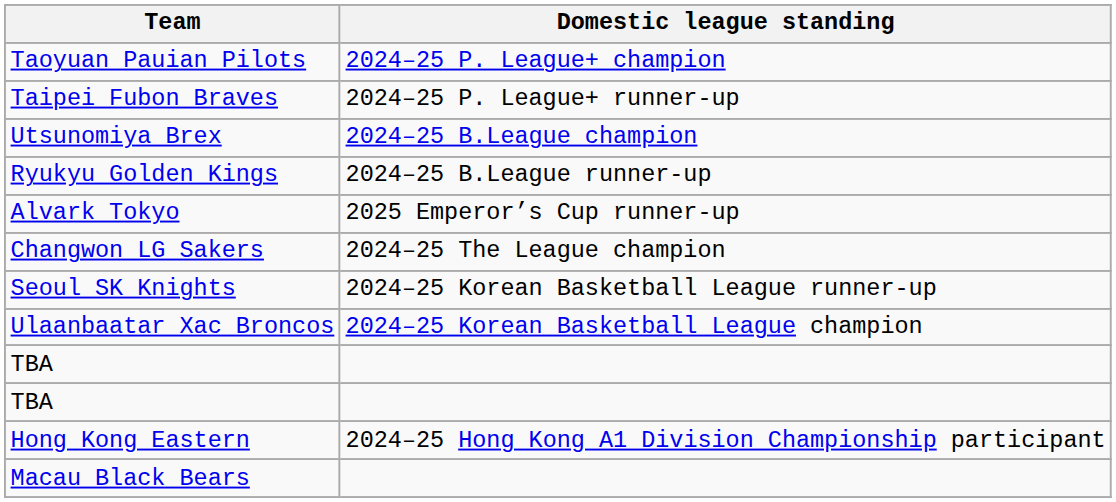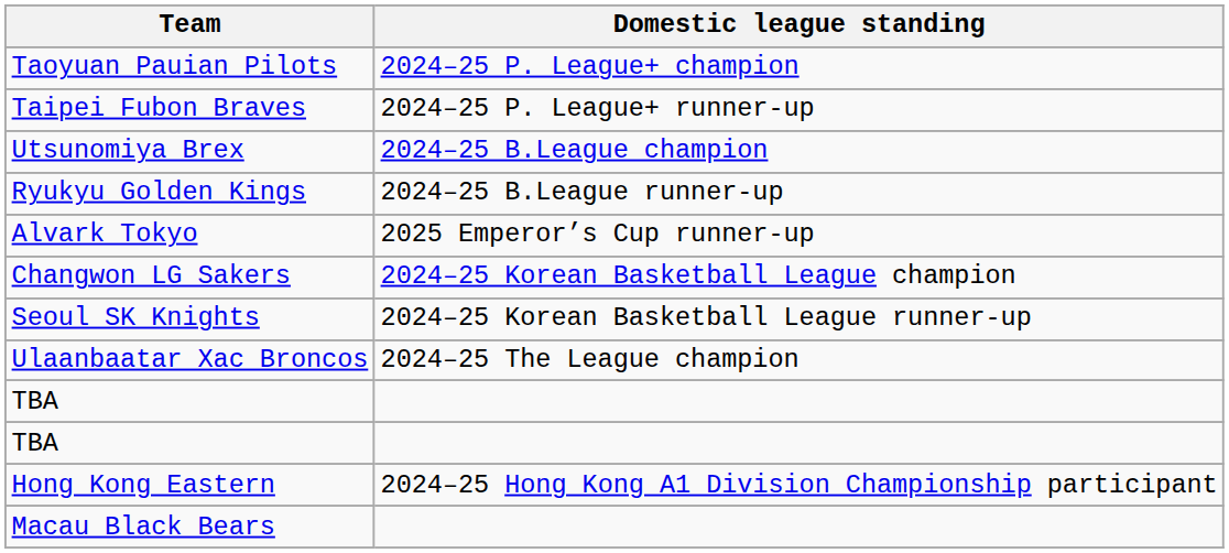 <table class="wikitable" style="font-size:95%;">
 <tr>
 <th>Team</th>
 <th>Domestic league standing</th>
 </tr>
 <tr>
 <td> <a href='#'>Taoyuan Pauian Pilots</a></td>
 <td><a href='#'>2024–25 P. League+ champion</a></td>
 </tr>
 <tr>
 <td> <a href='#'>Taipei Fubon Braves</a></td>
 <td>2024–25 P. League+ runner-up</td>
 </tr>
 <tr>
 <td> <a href='#'>Utsunomiya Brex</a></td>
 <td><a href='#'>2024–25 B.League champion</a></td>
 </tr>
 <tr>
 <td> <a href='#'>Ryukyu Golden Kings</a></td>
 <td>2024–25 B.League runner-up</td>
 </tr>
 <tr>
 <td> <a href='#'>Alvark Tokyo</a></td>
 <td>2025 Emperor’s Cup runner-up</td>
 </tr>
 <tr>
 <td> <a href='#'>Changwon LG Sakers</a></td>
-<td>2024–25 The League champion</td>
+<td><a href='#'>2024–25 Korean Basketball League</a> champion</td>
 </tr>
 <tr>
 <td> <a href='#'>Seoul SK Knights</a></td>
 <td>2024–25 Korean Basketball League runner-up</td>
 </tr>
 <tr>
 <td> <a href='#'>Ulaanbaatar Xac Broncos</a></td>
-<td><a href='#'>2024–25 Korean Basketball League</a> champion</td>
+<td>2024–25 The League champion</td>
 </tr>
 <tr>
 <td> TBA</td>
 <td></td>
 </tr>
 <tr>
 <td> TBA</td>
 <td></td>
 </tr>
 <tr>
 <td> <a href='#'>Hong Kong Eastern</a></td>
 <td>2024–25 <a href='#'>Hong Kong A1 Division Championship</a> participant</td>
 </tr>
 <tr>
 <td> <a href='#'>Macau Black Bears</a></td>
 <td></td>
 </tr>
 </table>
